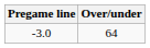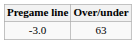 <table class="wikitable" style="margin-left: auto; margin-right: auto; border: none; display: inline-table;">
 <tr align="center">
 <th style=>Pregame line</th>
 <th style=>Over/under</th>
 </tr>
 <tr align="center">
 <td>-3.0</td>
-<td>64</td>
+<td>63</td>
 </tr>
 </table>
